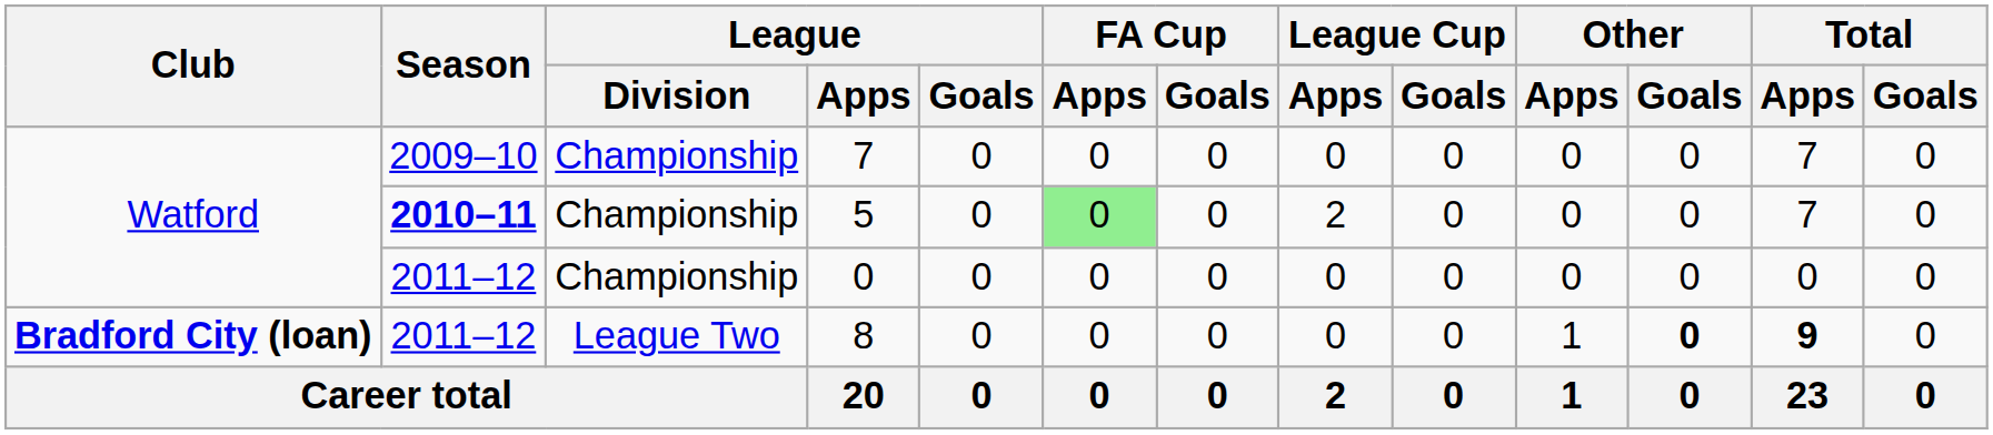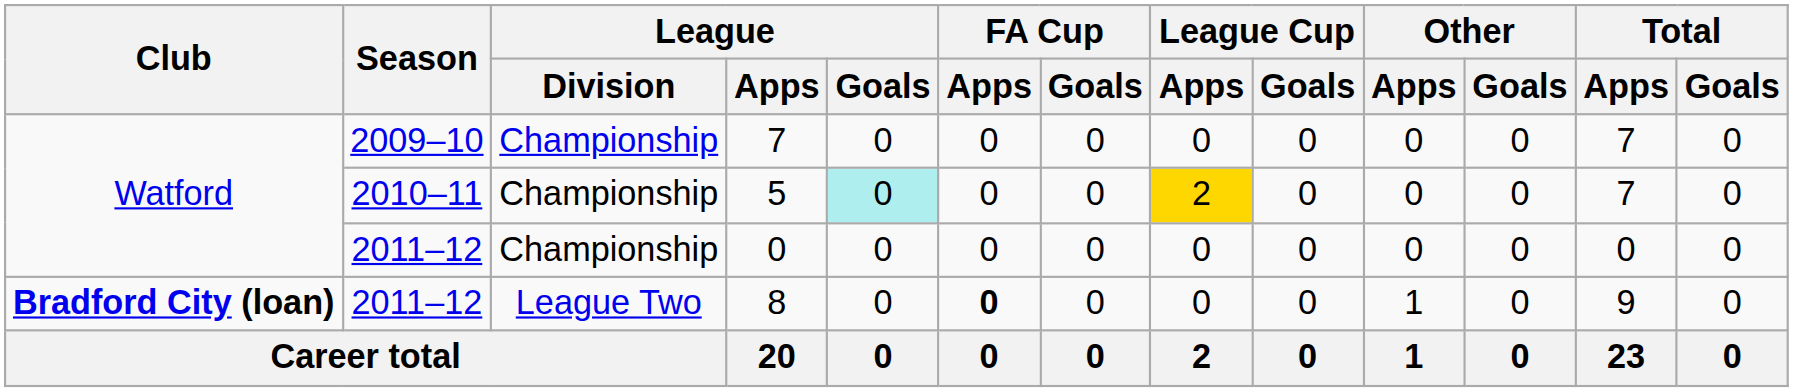 <table class="wikitable" style="text-align:center">
 <tr>
 <th rowspan="2">Club</th>
 <th rowspan="2">Season</th>
 <th colspan="3">League</th>
 <th colspan="2">FA Cup</th>
 <th colspan="2">League Cup</th>
 <th colspan="2">Other</th>
 <th colspan="2">Total</th>
 </tr>
 <tr>
 <th>Division</th>
 <th>Apps</th>
 <th>Goals</th>
 <th>Apps</th>
 <th>Goals</th>
 <th>Apps</th>
 <th>Goals</th>
 <th>Apps</th>
 <th>Goals</th>
 <th>Apps</th>
 <th>Goals</th>
 </tr>
 <tr>
 <td rowspan="3"><a href='#'>Watford</a></td>
 <td><a href='#'>2009–10</a></td>
 <td><a href='#'>Championship</a></td>
 <td>7</td>
 <td>0</td>
 <td>0</td>
 <td>0</td>
 <td>0</td>
 <td>0</td>
 <td>0</td>
 <td>0</td>
 <td>7</td>
 <td>0</td>
 </tr>
 <tr>
-<td><strong><a href='#'>2010–11</a></strong></td>
+<td><a href='#'>2010–11</a></td>
 <td>Championship</td>
 <td>5</td>
+<td style="background: paleturquoise;">0</td>
 <td>0</td>
-<td style="background: lightgreen;">0</td>
 <td>0</td>
-<td>2</td>
+<td style="background: gold;">2</td>
 <td>0</td>
 <td>0</td>
 <td>0</td>
 <td>7</td>
 <td>0</td>
 </tr>
 <tr>
 <td><a href='#'>2011–12</a></td>
 <td>Championship</td>
 <td>0</td>
 <td>0</td>
 <td>0</td>
 <td>0</td>
 <td>0</td>
 <td>0</td>
 <td>0</td>
 <td>0</td>
 <td>0</td>
 <td>0</td>
 </tr>
 <tr>
 <td><strong><a href='#'>Bradford City</a> (loan)</strong></td>
 <td><a href='#'>2011–12</a></td>
 <td><a href='#'>League Two</a></td>
 <td>8</td>
 <td>0</td>
-<td>0</td>
+<td><strong>0</strong></td>
 <td>0</td>
 <td>0</td>
 <td>0</td>
 <td>1</td>
-<td><strong>0</strong></td>
-<td><strong>9</strong></td>
+<td>0</td>
+<td>9</td>
 <td>0</td>
 </tr>
 <tr>
 <th colspan="3">Career total</th>
 <th>20</th>
 <th>0</th>
 <th>0</th>
 <th>0</th>
 <th>2</th>
 <th>0</th>
 <th>1</th>
 <th>0</th>
 <th>23</th>
 <th>0</th>
 </tr>
 </table>
